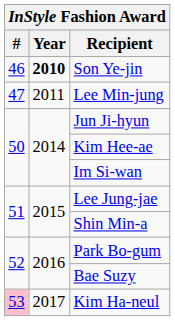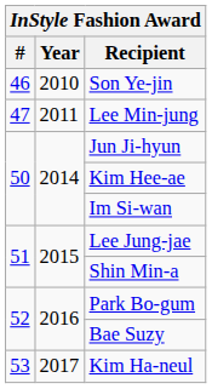 <table class="wikitable collapsible collapsed">
 <tr>
 <th colspan="3"><em>InStyle</em> Fashion Award</th>
 </tr>
 <tr>
 <th>#</th>
 <th>Year</th>
 <th>Recipient</th>
 </tr>
 <tr>
 <td><a href='#'>46</a></td>
-<td><strong>2010</strong></td>
+<td>2010</td>
 <td><a href='#'>Son Ye-jin</a></td>
 </tr>
 <tr>
 <td><a href='#'>47</a></td>
 <td>2011</td>
 <td><a href='#'>Lee Min-jung</a></td>
 </tr>
 <tr>
 <td rowspan="3"><a href='#'>50</a></td>
 <td rowspan=3>2014</td>
 <td><a href='#'>Jun Ji-hyun</a></td>
 </tr>
 <tr>
 <td><a href='#'>Kim Hee-ae</a></td>
 </tr>
 <tr>
 <td><a href='#'>Im Si-wan</a></td>
 </tr>
 <tr>
 <td rowspan="2"><a href='#'>51</a></td>
 <td rowspan=2>2015</td>
 <td><a href='#'>Lee Jung-jae</a></td>
 </tr>
 <tr>
 <td><a href='#'>Shin Min-a</a></td>
 </tr>
 <tr>
 <td rowspan="2"><a href='#'>52</a></td>
 <td rowspan="2">2016</td>
 <td><a href='#'>Park Bo-gum</a></td>
 </tr>
 <tr>
 <td><a href='#'>Bae Suzy</a></td>
 </tr>
 <tr>
-<td style="background: pink;"><a href='#'>53</a></td>
+<td><a href='#'>53</a></td>
 <td>2017</td>
 <td><a href='#'>Kim Ha-neul</a></td>
 </tr>
 </table>
